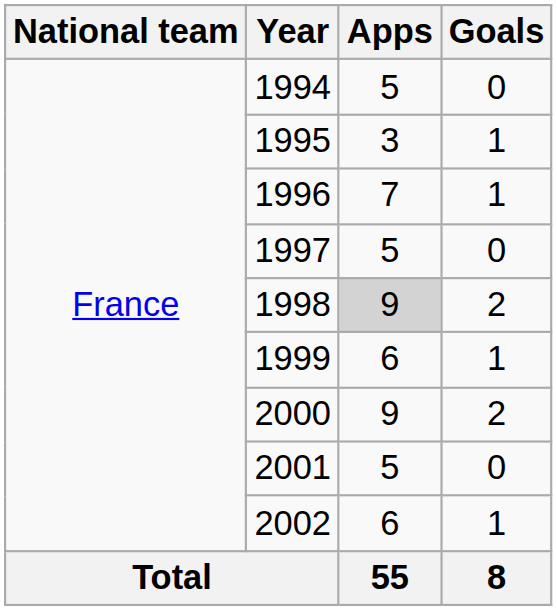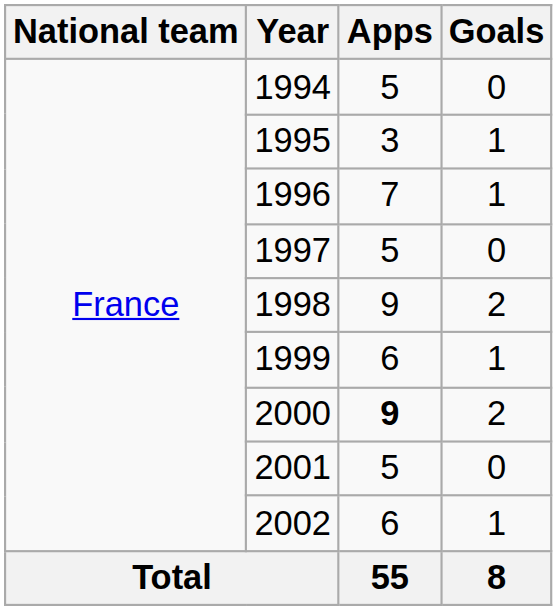 <table class="wikitable" style="text-align: center;">
 <tr>
 <th>National team</th>
 <th>Year</th>
 <th>Apps</th>
 <th>Goals</th>
 </tr>
 <tr>
 <td rowspan="9"><a href='#'>France</a></td>
 <td>1994</td>
 <td>5</td>
 <td>0</td>
 </tr>
 <tr>
 <td>1995</td>
 <td>3</td>
 <td>1</td>
 </tr>
 <tr>
 <td>1996</td>
 <td>7</td>
 <td>1</td>
 </tr>
 <tr>
 <td>1997</td>
 <td>5</td>
 <td>0</td>
 </tr>
 <tr>
 <td>1998</td>
-<td style="background: lightgrey;">9</td>
+<td>9</td>
 <td>2</td>
 </tr>
 <tr>
 <td>1999</td>
 <td>6</td>
 <td>1</td>
 </tr>
 <tr>
 <td>2000</td>
-<td>9</td>
+<td><strong>9</strong></td>
 <td>2</td>
 </tr>
 <tr>
 <td>2001</td>
 <td>5</td>
 <td>0</td>
 </tr>
 <tr>
 <td>2002</td>
 <td>6</td>
 <td>1</td>
 </tr>
 <tr>
 <th colspan="2">Total</th>
 <th>55</th>
 <th>8</th>
 </tr>
 </table>
